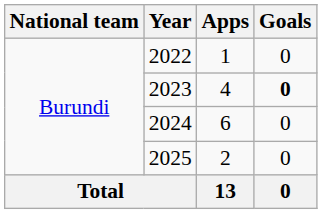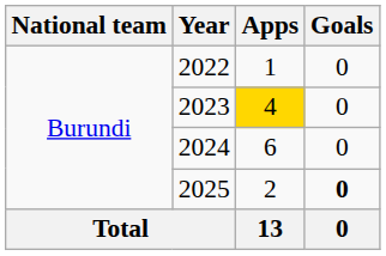 <table class="wikitable" style="text-align:center">
 <tr>
 <th>National team</th>
 <th>Year</th>
 <th>Apps</th>
 <th>Goals</th>
 </tr>
 <tr>
 <td rowspan="4"><a href='#'>Burundi</a></td>
 <td>2022</td>
 <td>1</td>
 <td>0</td>
 </tr>
 <tr>
 <td>2023</td>
-<td>4</td>
-<td><strong>0</strong></td>
+<td style="background: gold;">4</td>
+<td>0</td>
 </tr>
 <tr>
 <td>2024</td>
 <td>6</td>
 <td>0</td>
 </tr>
 <tr>
 <td>2025</td>
 <td>2</td>
-<td>0</td>
+<td><strong>0</strong></td>
 </tr>
 <tr>
 <th colspan="2">Total</th>
 <th>13</th>
 <th>0</th>
 </tr>
 </table>
